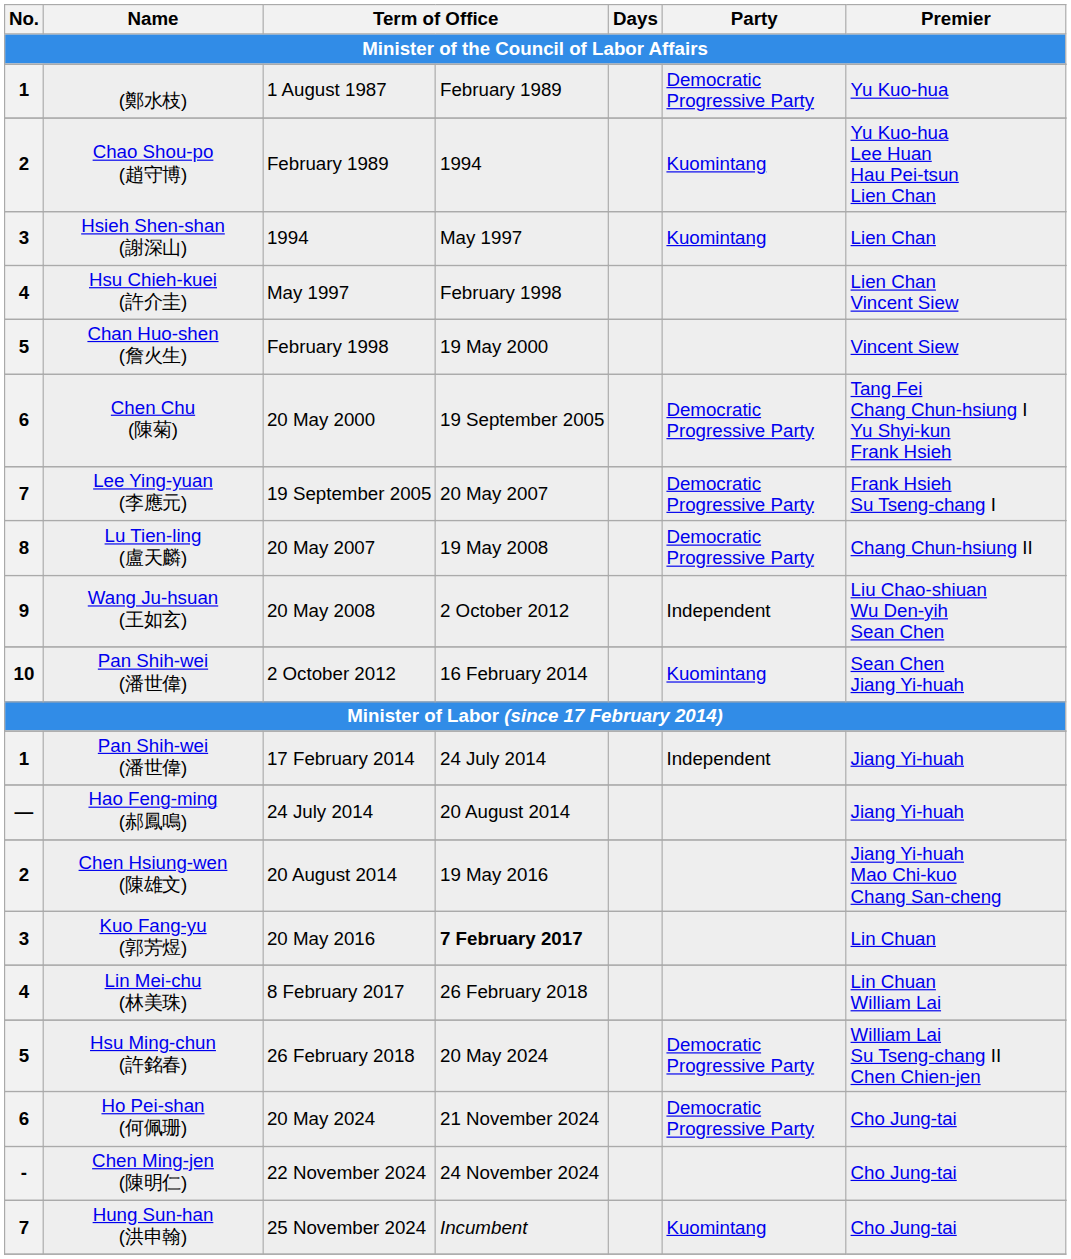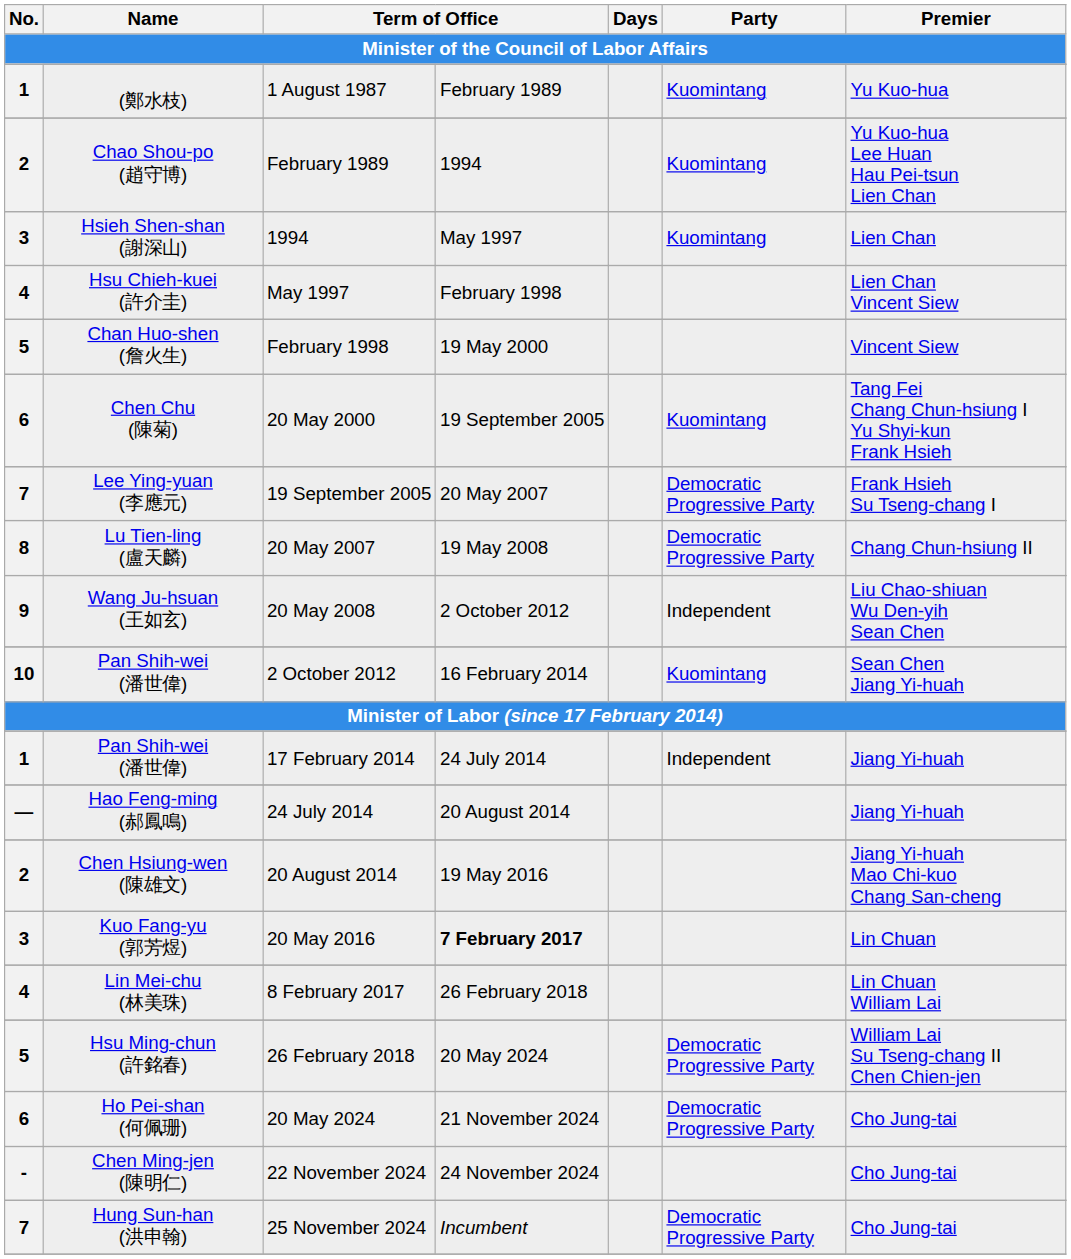 <table class="wikitable">
 <tr ->
 <th>No.</th>
 <th width="180">Name</th>
 <th colspan=2 width="180">Term of Office</th>
 <th>Days</th>
 <th width="150">Party</th>
 <th width="180">Premier</th>
 </tr>
 <tr ->
 <th colspan=7 style="background:#318CE7; color:white;">Minister of the Council of Labor Affairs</th>
 </tr>
 <tr ->
 </tr>
 <tr - bgcolor=#EEEEEE>
 <th style="background:">1</th>
 <td align=center><br>(鄭水枝)</td>
 <td>1 August 1987</td>
 <td>February 1989</td>
 <td></td>
-<td><a href='#'>Democratic Progressive Party</a></td>
+<td><a href='#'>Kuomintang</a></td>
 <td><a href='#'>Yu Kuo-hua</a></td>
 </tr>
 <tr ->
 </tr>
 <tr - bgcolor=#EEEEEE>
 <th style="background:">2</th>
 <td align=center><a href='#'>Chao Shou-po</a><br>(趙守博)</td>
 <td>February 1989</td>
 <td>1994</td>
 <td></td>
 <td><a href='#'>Kuomintang</a></td>
 <td><a href='#'>Yu Kuo-hua</a><br><a href='#'>Lee Huan</a><br><a href='#'>Hau Pei-tsun</a><br><a href='#'>Lien Chan</a></td>
 </tr>
 <tr ->
 </tr>
 <tr - bgcolor=#EEEEEE>
 <th style="background:">3</th>
 <td align=center><a href='#'>Hsieh Shen-shan</a><br>(謝深山)</td>
 <td>1994</td>
 <td>May 1997</td>
 <td></td>
 <td><a href='#'>Kuomintang</a></td>
 <td><a href='#'>Lien Chan</a></td>
 </tr>
 <tr ->
 </tr>
 <tr - bgcolor=#EEEEEE>
 <th style="background:">4</th>
 <td align=center><a href='#'>Hsu Chieh-kuei</a><br>(許介圭)</td>
 <td>May 1997</td>
 <td>February 1998</td>
 <td></td>
 <td></td>
 <td><a href='#'>Lien Chan</a><br><a href='#'>Vincent Siew</a></td>
 </tr>
 <tr ->
 </tr>
 <tr - bgcolor=#EEEEEE>
 <th style="background:">5</th>
 <td align=center><a href='#'>Chan Huo-shen</a><br>(詹火生)</td>
 <td>February 1998</td>
 <td>19 May 2000</td>
 <td></td>
 <td></td>
 <td><a href='#'>Vincent Siew</a></td>
 </tr>
 <tr ->
 </tr>
 <tr - bgcolor=#EEEEEE>
 <th style="background:">6</th>
 <td align=center><a href='#'>Chen Chu</a><br>(陳菊)</td>
 <td>20 May 2000</td>
 <td>19 September 2005</td>
 <td></td>
-<td><a href='#'>Democratic Progressive Party</a></td>
+<td><a href='#'>Kuomintang</a></td>
 <td><a href='#'>Tang Fei</a><br><a href='#'>Chang Chun-hsiung</a> I<br><a href='#'>Yu Shyi-kun</a><br><a href='#'>Frank Hsieh</a></td>
 </tr>
 <tr ->
 </tr>
 <tr - bgcolor=#EEEEEE>
 <th style="background:">7</th>
 <td align=center><a href='#'>Lee Ying-yuan</a><br>(李應元)</td>
 <td>19 September 2005</td>
 <td>20 May 2007</td>
 <td></td>
 <td><a href='#'>Democratic Progressive Party</a></td>
 <td><a href='#'>Frank Hsieh</a><br><a href='#'>Su Tseng-chang</a> I</td>
 </tr>
 <tr ->
 </tr>
 <tr - bgcolor=#EEEEEE>
 <th style="background:">8</th>
 <td align=center><a href='#'>Lu Tien-ling</a><br>(盧天麟)</td>
 <td>20 May 2007</td>
 <td>19 May 2008</td>
 <td></td>
 <td><a href='#'>Democratic Progressive Party</a></td>
 <td><a href='#'>Chang Chun-hsiung</a> II</td>
 </tr>
 <tr ->
 </tr>
 <tr - bgcolor=#EEEEEE>
 <th style="background:">9</th>
 <td align=center><a href='#'>Wang Ju-hsuan</a><br>(王如玄)</td>
 <td>20 May 2008</td>
 <td>2 October 2012</td>
 <td></td>
 <td>Independent</td>
 <td><a href='#'>Liu Chao-shiuan</a><br><a href='#'>Wu Den-yih</a><br><a href='#'>Sean Chen</a></td>
 </tr>
 <tr ->
 </tr>
 <tr - bgcolor=#EEEEEE>
 <th style="background:">10</th>
 <td align=center><a href='#'>Pan Shih-wei</a><br>(潘世偉)</td>
 <td>2 October 2012</td>
 <td>16 February 2014</td>
 <td></td>
 <td><a href='#'>Kuomintang</a></td>
 <td><a href='#'>Sean Chen</a><br><a href='#'>Jiang Yi-huah</a></td>
 </tr>
 <tr ->
 <th colspan=7 style="background:#318CE7; color:white;">Minister of Labor <em>(since 17 February 2014)</em></th>
 </tr>
 <tr ->
 </tr>
 <tr - bgcolor=#EEEEEE>
 <th style="background:">1</th>
 <td align=center><a href='#'>Pan Shih-wei</a><br>(潘世偉)</td>
 <td>17 February 2014</td>
 <td>24 July 2014</td>
 <td></td>
 <td>Independent</td>
 <td><a href='#'>Jiang Yi-huah</a></td>
 </tr>
 <tr ->
 </tr>
 <tr - bgcolor=#EEEEEE>
 <th style="background:">—</th>
 <td align=center><a href='#'>Hao Feng-ming</a><br>(郝鳳鳴)</td>
 <td>24 July 2014</td>
 <td>20 August 2014</td>
 <td></td>
 <td></td>
 <td><a href='#'>Jiang Yi-huah</a></td>
 </tr>
 <tr ->
 </tr>
 <tr - bgcolor=#EEEEEE>
 <th style="background:">2</th>
 <td align=center><a href='#'>Chen Hsiung-wen</a><br>(陳雄文)</td>
 <td>20 August 2014</td>
 <td>19 May 2016</td>
 <td></td>
 <td></td>
 <td><a href='#'>Jiang Yi-huah</a><br><a href='#'>Mao Chi-kuo</a><br><a href='#'>Chang San-cheng</a></td>
 </tr>
 <tr ->
 </tr>
 <tr - bgcolor=#EEEEEE>
 <th style="background:">3</th>
 <td align=center><a href='#'>Kuo Fang-yu</a><br>(郭芳煜)</td>
 <td>20 May 2016</td>
 <td><strong>7 February 2017</strong></td>
 <td></td>
 <td></td>
 <td><a href='#'>Lin Chuan</a></td>
 </tr>
 <tr ->
 </tr>
 <tr - bgcolor=#EEEEEE>
 <th style="background:">4</th>
 <td align=center><a href='#'>Lin Mei-chu</a><br>(林美珠)</td>
 <td>8 February 2017</td>
 <td>26 February 2018</td>
 <td></td>
 <td></td>
 <td><a href='#'>Lin Chuan</a><br><a href='#'>William Lai</a></td>
 </tr>
 <tr ->
 </tr>
 <tr - bgcolor=#EEEEEE>
 <th style="background:">5</th>
 <td align=center><a href='#'>Hsu Ming-chun</a><br>(許銘春)</td>
 <td>26 February 2018</td>
 <td>20 May 2024</td>
 <td></td>
 <td><a href='#'>Democratic Progressive Party</a></td>
 <td><a href='#'>William Lai</a><br><a href='#'>Su Tseng-chang</a> II<br><a href='#'>Chen Chien-jen</a></td>
 </tr>
 <tr ->
 </tr>
 <tr - bgcolor=#EEEEEE>
 <th style="background:">6</th>
 <td align=center><a href='#'>Ho Pei-shan</a><br>(何佩珊)</td>
 <td>20 May 2024</td>
 <td>21 November 2024</td>
 <td></td>
 <td><a href='#'>Democratic Progressive Party</a></td>
 <td><a href='#'>Cho Jung-tai</a></td>
 </tr>
 <tr ->
 </tr>
 <tr - bgcolor=#EEEEEE>
 <th style="background:">-</th>
 <td align=center><a href='#'>Chen Ming-jen</a><br>(陳明仁)</td>
 <td>22 November 2024</td>
 <td>24 November 2024</td>
 <td></td>
 <td></td>
 <td><a href='#'>Cho Jung-tai</a></td>
 </tr>
 <tr ->
 </tr>
 <tr - bgcolor=#EEEEEE>
 <th style="background:">7</th>
 <td align=center><a href='#'>Hung Sun-han</a><br>(洪申翰)</td>
 <td>25 November 2024</td>
 <td><em>Incumbent</td>
 <td></td>
-<td><a href='#'>Kuomintang</a></td>
+<td><a href='#'>Democratic Progressive Party</a></td>
 <td><a href='#'>Cho Jung-tai</a></td>
 </tr>
 <tr ->
 </tr>
 </table>
